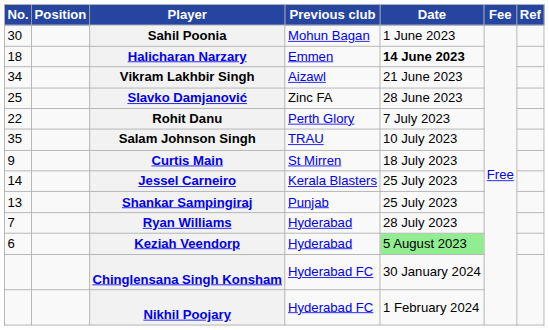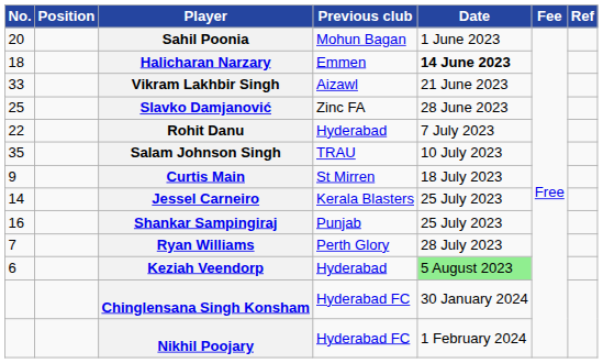 <table class="wikitable plainrowheaders" style="text-align:center; text-align:left">
 <tr>
 <th style="background:#2545A0; color:#FFFFFF; ">No.</th>
 <th scope="col" style="background:#2545A0; color:#FFFFFF; ">Position</th>
 <th scope="col" style="background:#2545A0; color:#FFFFFF; ">Player</th>
 <th scope="col" style="background:#2545A0; color:#FFFFFF; ">Previous club</th>
 <th scope="col" style="background:#2545A0; color:#FFFFFF; ">Date</th>
 <th scope="col" style="background:#2545A0; color:#FFFFFF; ">Fee</th>
 <th scope="col" style="background:#2545A0; color:#FFFFFF; ">Ref</th>
 </tr>
 <tr>
-<td>30</td>
+<td>20</td>
 <td></td>
 <th scope="row"> Sahil Poonia</th>
 <td> <a href='#'>Mohun Bagan</a></td>
 <td>1 June 2023</td>
 <td rowspan="25"><a href='#'>Free</a></td>
 <td></td>
 </tr>
 <tr>
 <td>18</td>
 <td></td>
 <th scope="row"> <a href='#'>Halicharan Narzary</a></th>
 <td> <a href='#'>Emmen</a></td>
 <td><strong>14 June 2023</strong></td>
 <td></td>
 </tr>
 <tr>
-<td>34</td>
+<td>33</td>
 <td></td>
 <th scope="row"> Vikram Lakhbir Singh</th>
 <td> <a href='#'>Aizawl</a></td>
 <td>21 June 2023</td>
 <td></td>
 </tr>
 <tr>
 <td>25</td>
 <td></td>
 <th scope="row"> <a href='#'>Slavko Damjanović</a></th>
 <td> Zinc FA</td>
 <td>28 June 2023</td>
 <td></td>
 </tr>
 <tr>
 <td>22</td>
 <td></td>
 <th scope="row"> Rohit Danu</th>
-<td> <a href='#'>Perth Glory</a></td>
+<td> <a href='#'>Hyderabad</a></td>
 <td>7 July 2023</td>
 <td></td>
 </tr>
 <tr>
 <td>35</td>
 <td></td>
 <th scope="row"> Salam Johnson Singh</th>
 <td> <a href='#'>TRAU</a></td>
 <td>10 July 2023</td>
 <td></td>
 </tr>
 <tr>
 <td>9</td>
 <td></td>
 <th scope="row"> <a href='#'>Curtis Main</a></th>
 <td> <a href='#'>St Mirren</a></td>
 <td>18 July 2023</td>
 <td></td>
 </tr>
 <tr>
 <td>14</td>
 <td></td>
 <th scope="row"> <a href='#'>Jessel Carneiro</a></th>
 <td> <a href='#'>Kerala Blasters</a></td>
 <td>25 July 2023</td>
 <td></td>
 </tr>
 <tr>
-<td>13</td>
+<td>16</td>
 <td></td>
 <th scope="row"> <a href='#'>Shankar Sampingiraj</a></th>
 <td> <a href='#'>Punjab</a></td>
 <td>25 July 2023</td>
 <td></td>
 </tr>
 <tr>
 <td>7</td>
 <td></td>
 <th scope="row"> <a href='#'>Ryan Williams</a></th>
-<td> <a href='#'>Hyderabad</a></td>
+<td> <a href='#'>Perth Glory</a></td>
 <td>28 July 2023</td>
 <td></td>
 </tr>
 <tr>
 <td>6</td>
 <td></td>
 <th scope="row"> <a href='#'>Keziah Veendorp</a></th>
 <td> <a href='#'>Hyderabad</a></td>
 <td style="background: lightgreen;">5 August 2023</td>
 <td></td>
 </tr>
 <tr>
 <td></td>
 <td></td>
 <th scope="row"><br><a href='#'>Chinglensana Singh Konsham</a></th>
 <td> <a href='#'>Hyderabad FC</a></td>
 <td>30 January 2024</td>
 </tr>
 <tr>
 <td></td>
 <td></td>
 <th scope="row"><br><a href='#'>Nikhil Poojary</a></th>
 <td> <a href='#'>Hyderabad FC</a></td>
 <td>1 February 2024</td>
 </tr>
 </table>
